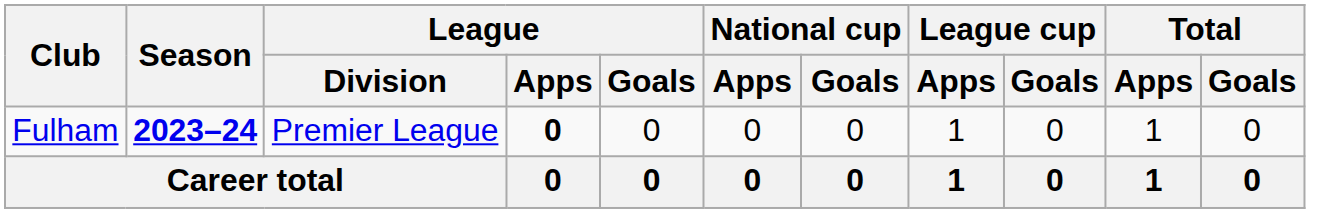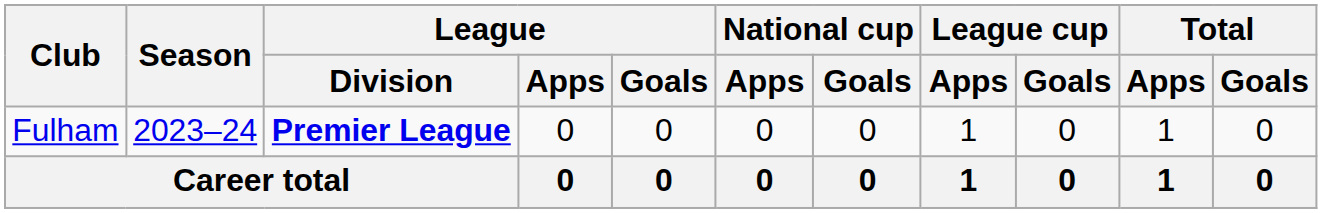 <table class="wikitable" style="text-align: center">
 <tr>
 <th rowspan="2">Club</th>
 <th rowspan="2">Season</th>
 <th colspan="3">League</th>
 <th colspan="2">National cup</th>
 <th colspan="2">League cup</th>
 <th colspan="2">Total</th>
 </tr>
 <tr>
 <th>Division</th>
 <th>Apps</th>
 <th>Goals</th>
 <th>Apps</th>
 <th>Goals</th>
 <th>Apps</th>
 <th>Goals</th>
 <th>Apps</th>
 <th>Goals</th>
 </tr>
 <tr>
 <td><a href='#'>Fulham</a></td>
-<td><strong><a href='#'>2023–24</a></strong></td>
-<td><a href='#'>Premier League</a></td>
-<td><strong>0</strong></td>
+<td><a href='#'>2023–24</a></td>
+<td><strong><a href='#'>Premier League</a></strong></td>
+<td>0</td>
 <td>0</td>
 <td>0</td>
 <td>0</td>
 <td>1</td>
 <td>0</td>
 <td>1</td>
 <td>0</td>
 </tr>
 <tr>
 <th colspan="3">Career total</th>
 <th>0</th>
 <th>0</th>
 <th>0</th>
 <th>0</th>
 <th>1</th>
 <th>0</th>
 <th>1</th>
 <th>0</th>
 </tr>
 </table>
